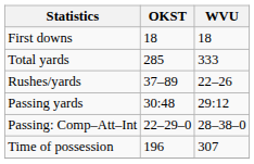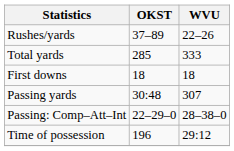 <table class="wikitable" style="float: left;">
 <tr>
 <th>Statistics</th>
 <th>OKST</th>
 <th>WVU</th>
 </tr>
 <tr>
-<td>First downs</td>
-<td>18</td>
-<td>18</td>
+<td>Rushes/yards</td>
+<td>37–89</td>
+<td>22–26</td>
 </tr>
 <tr>
 <td>Total yards</td>
 <td>285</td>
 <td>333</td>
 </tr>
 <tr>
-<td>Rushes/yards</td>
-<td>37–89</td>
-<td>22–26</td>
+<td>First downs</td>
+<td>18</td>
+<td>18</td>
 </tr>
 <tr>
 <td>Passing yards</td>
 <td>30:48</td>
-<td>29:12</td>
+<td>307</td>
 </tr>
 <tr>
 <td>Passing: Comp–Att–Int</td>
 <td>22–29–0</td>
 <td>28–38–0</td>
 </tr>
 <tr>
 <td>Time of possession</td>
 <td>196</td>
-<td>307</td>
+<td>29:12</td>
 </tr>
 <tr>
 </tr>
 </table>
